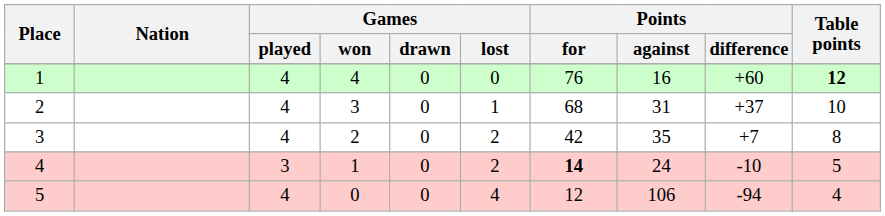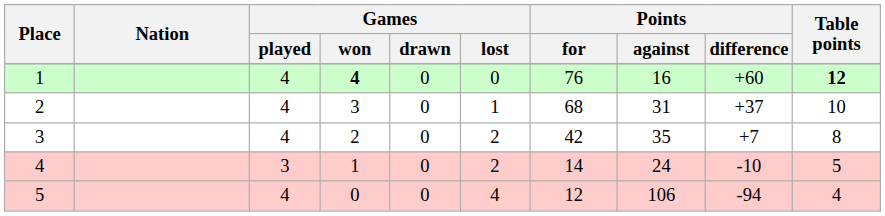 <table class="wikitable">
 <tr>
 <th rowspan=2 width="8%">Place</th>
 <th rowspan=2 width="20%">Nation</th>
 <th colspan=4 width="32%">Games</th>
 <th colspan=3 width="30%">Points</th>
 <th rowspan=2 width="10%">Table<br>points</th>
 </tr>
 <tr>
 <th width="8%">played</th>
 <th width="8%">won</th>
 <th width="8%">drawn</th>
 <th width="8%">lost</th>
 <th width="10%">for</th>
 <th width="10%">against</th>
 <th width="10%">difference</th>
 </tr>
 <tr>
 </tr>
 <tr bgcolor=#ccffcc align=center>
 <td>1</td>
 <td align=left><strong></strong></td>
 <td>4</td>
-<td>4</td>
+<td><strong>4</strong></td>
 <td>0</td>
 <td>0</td>
 <td>76</td>
 <td>16</td>
 <td>+60</td>
 <td><strong>12</strong></td>
 </tr>
 <tr bgcolor=#ffffff align=center>
 <td>2</td>
 <td align=left></td>
 <td>4</td>
 <td>3</td>
 <td>0</td>
 <td>1</td>
 <td>68</td>
 <td>31</td>
 <td>+37</td>
 <td>10</td>
 </tr>
 <tr bgcolor=#ffffff align=center>
 <td>3</td>
 <td align=left></td>
 <td>4</td>
 <td>2</td>
 <td>0</td>
 <td>2</td>
 <td>42</td>
 <td>35</td>
 <td>+7</td>
 <td>8</td>
 </tr>
 <tr bgcolor=#ffcccc align=center>
 <td>4</td>
 <td align=left><em></em></td>
 <td>3</td>
 <td>1</td>
 <td>0</td>
 <td>2</td>
-<td><strong>14</strong></td>
+<td>14</td>
 <td>24</td>
 <td>-10</td>
 <td>5</td>
 </tr>
 <tr bgcolor=#ffcccc align=center>
 <td>5</td>
 <td align=left><em></em></td>
 <td>4</td>
 <td>0</td>
 <td>0</td>
 <td>4</td>
 <td>12</td>
 <td>106</td>
 <td>-94</td>
 <td>4</td>
 </tr>
 </table>
